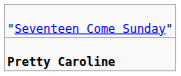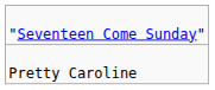 <table class="wikitable">
 <tr>
 <td><br>"<a href='#'>Seventeen Come Sunday</a>"</td>
 </tr>
 <tr>
-<td><strong><br>Pretty Caroline</strong></td>
+<td><br>Pretty Caroline</td>
 </tr>
 </table>
